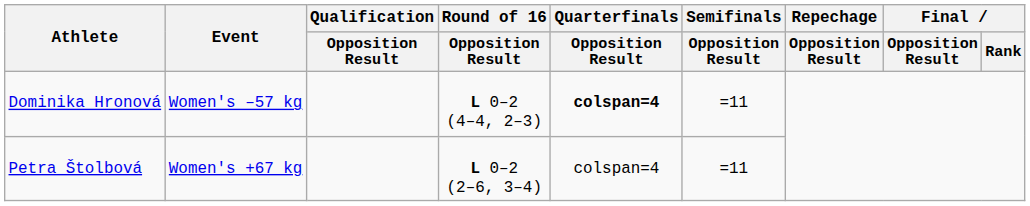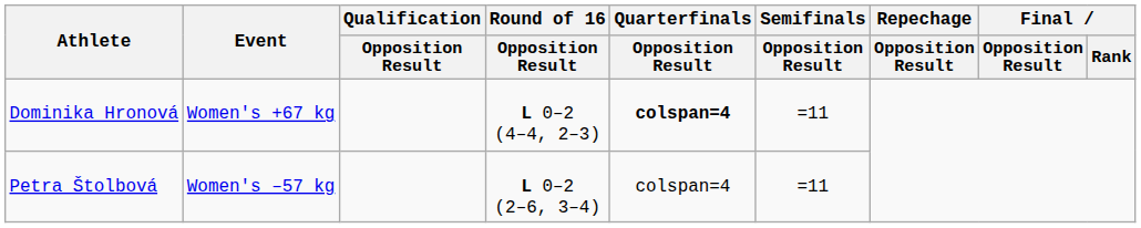 <table class=wikitable style=font-size:90%;text-align:center>
 <tr>
 <th rowspan=2>Athlete</th>
 <th rowspan=2>Event</th>
 <th>Qualification</th>
 <th>Round of 16</th>
 <th>Quarterfinals</th>
 <th>Semifinals</th>
 <th>Repechage</th>
 <th colspan=2>Final / </th>
 </tr>
 <tr style=font-size:95%>
 <th>Opposition<br>Result</th>
 <th>Opposition<br>Result</th>
 <th>Opposition<br>Result</th>
 <th>Opposition<br>Result</th>
 <th>Opposition<br>Result</th>
 <th>Opposition<br>Result</th>
 <th>Rank</th>
 </tr>
 <tr align=center>
 <td align=left><a href='#'>Dominika Hronová</a></td>
-<td align=left><a href='#'>Women's –57 kg</a></td>
+<td align=left><a href='#'>Women's +67 kg</a></td>
 <td></td>
 <td><br><strong>L</strong> 0–2<br>(4–4, 2–3)</td>
 <td><strong>colspan=4 </strong></td>
 <td>=11</td>
 </tr>
 <tr>
 <td align=left><a href='#'>Petra Štolbová</a></td>
-<td align=left><a href='#'>Women's +67 kg</a></td>
+<td align=left><a href='#'>Women's –57 kg</a></td>
 <td></td>
 <td><br><strong>L</strong> 0–2<br>(2–6, 3–4)</td>
 <td>colspan=4 </td>
 <td>=11</td>
 </tr>
 </table>
